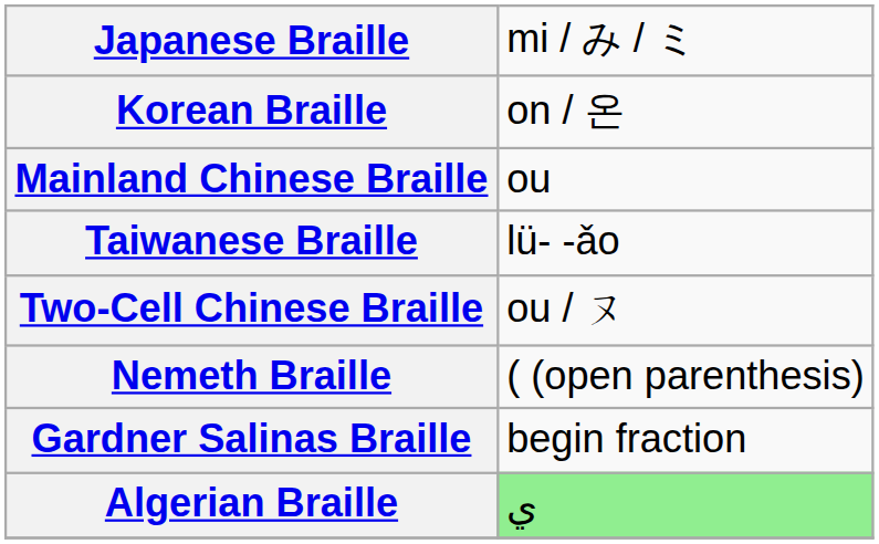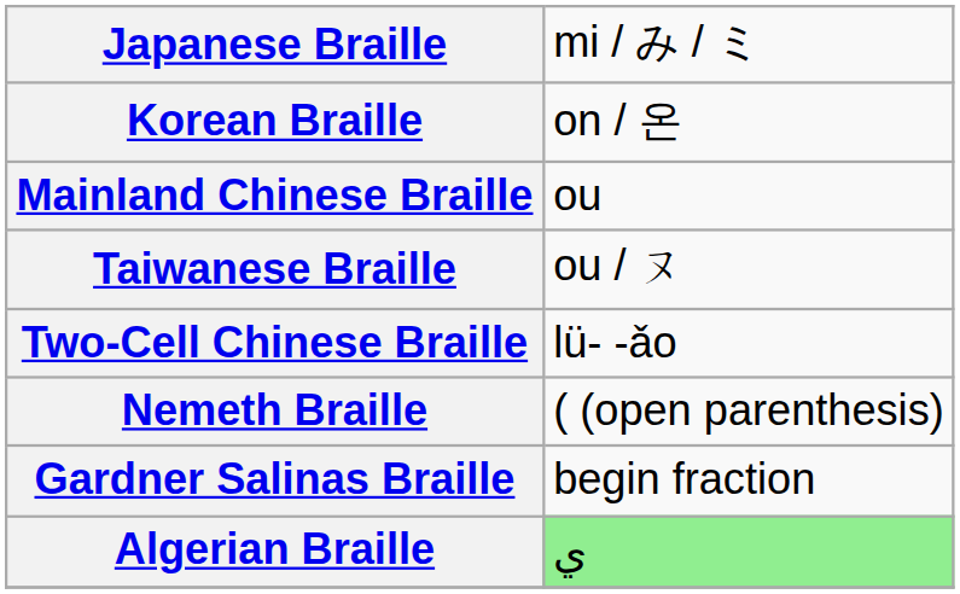 <table class="wikitable">
 <tr>
 <th align=left><a href='#'>Japanese Braille</a></th>
 <td>mi / み / ミ </td>
 </tr>
 <tr>
 <th align=left><a href='#'>Korean Braille</a></th>
 <td>on / 온 </td>
 </tr>
 <tr>
 <th align=left><a href='#'>Mainland Chinese Braille</a></th>
 <td>ou </td>
 </tr>
 <tr>
 <th align=left><a href='#'>Taiwanese Braille</a></th>
-<td>lü- -ǎo</td>
+<td>ou / ㄡ</td>
 </tr>
 <tr>
 <th align=left><a href='#'>Two-Cell Chinese Braille</a></th>
-<td>ou / ㄡ</td>
+<td>lü- -ǎo</td>
 </tr>
 <tr>
 <th align=left><a href='#'>Nemeth Braille</a></th>
 <td>( (open parenthesis) </td>
 </tr>
 <tr>
 <th align=left><a href='#'>Gardner Salinas Braille</a></th>
 <td>begin fraction </td>
 </tr>
 <tr>
 <th align=left><a href='#'>Algerian Braille</a></th>
 <td style="background: lightgreen;">ي ‎</td>
 </tr>
 <tr>
 </tr>
 </table>
